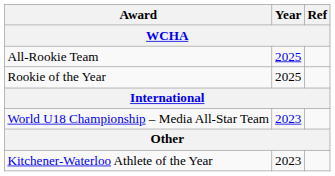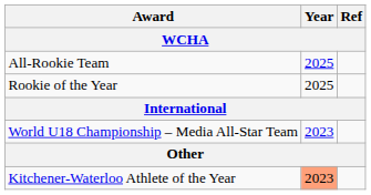 <table class="wikitable">
 <tr>
 <th>Award</th>
 <th>Year</th>
 <th>Ref</th>
 </tr>
 <tr>
 <th colspan="3"><a href='#'>WCHA</a></th>
 </tr>
 <tr>
 <td>All-Rookie Team</td>
 <td><a href='#'>2025</a></td>
 <td></td>
 </tr>
 <tr>
 <td>Rookie of the Year</td>
 <td>2025</td>
 <td></td>
 </tr>
 <tr>
 <th colspan="3"><a href='#'>International</a></th>
 </tr>
 <tr>
 <td><a href='#'>World U18 Championship</a> – Media All-Star Team</td>
 <td><a href='#'>2023</a></td>
 <td></td>
 </tr>
 <tr>
 <th colspan="3">Other</th>
 </tr>
 <tr>
 <td><a href='#'>Kitchener-Waterloo</a> Athlete of the Year</td>
-<td>2023</td>
+<td style="background: lightsalmon;">2023</td>
 <td></td>
 </tr>
 </table>
